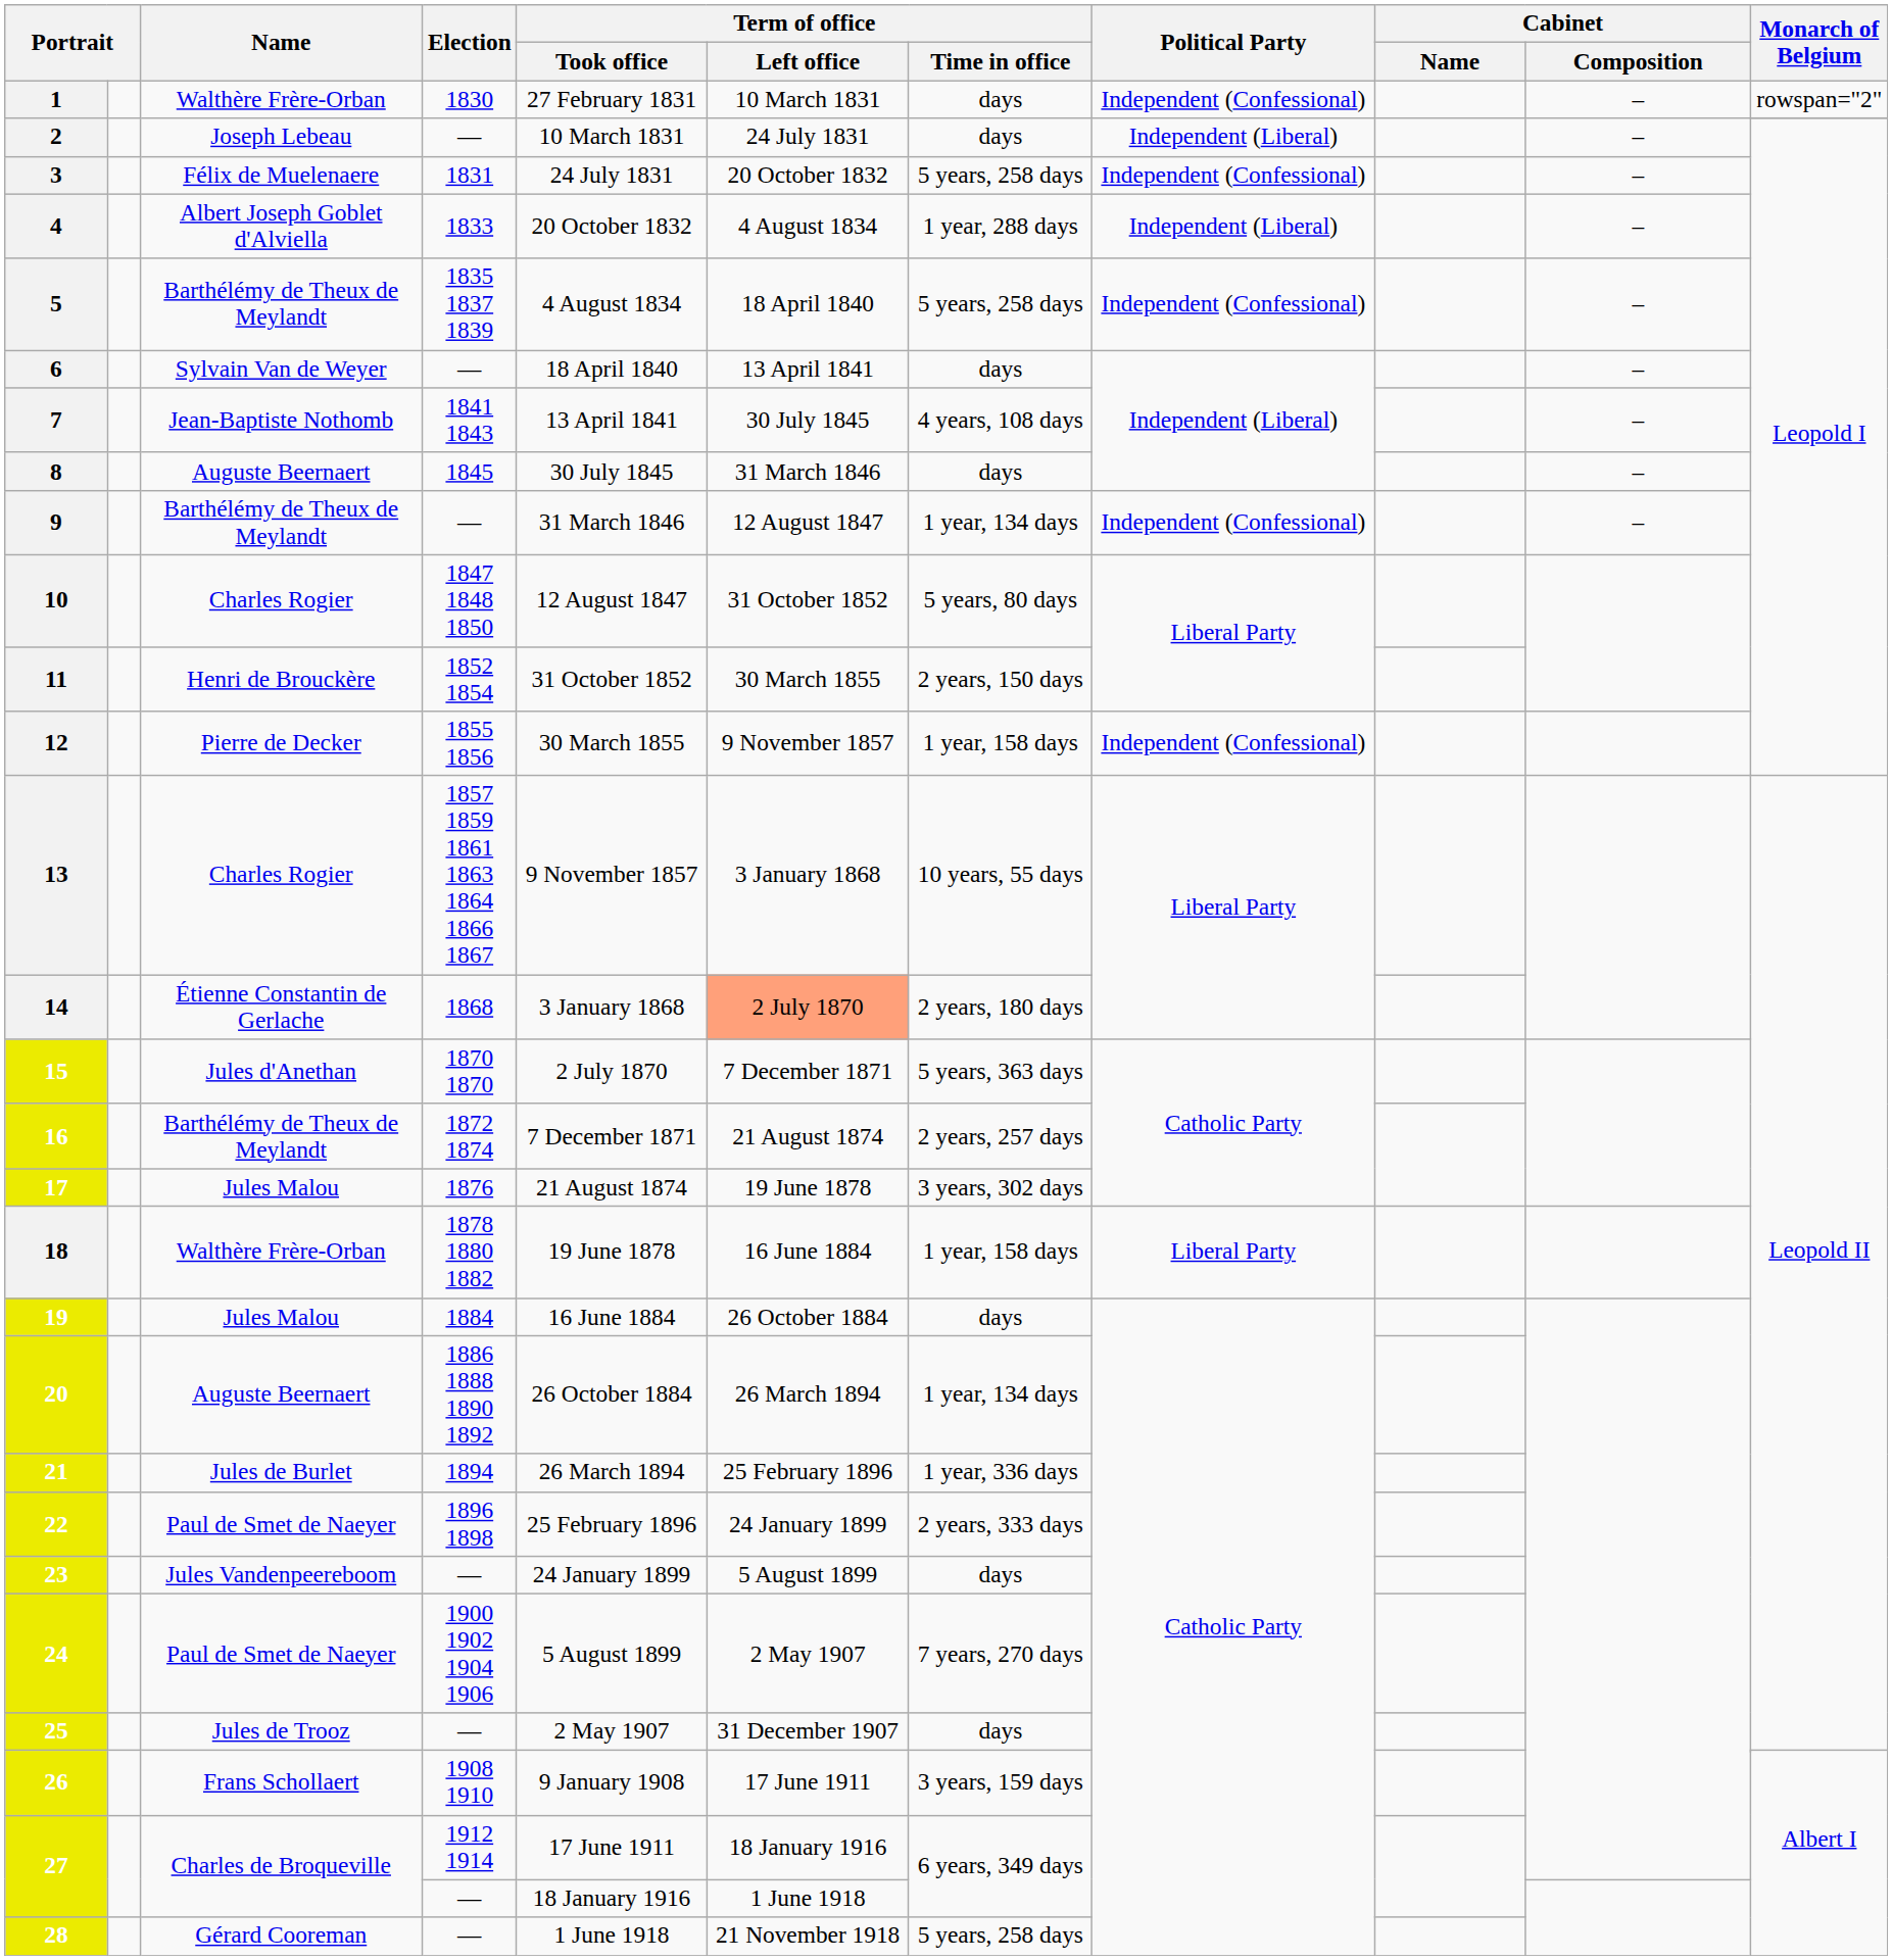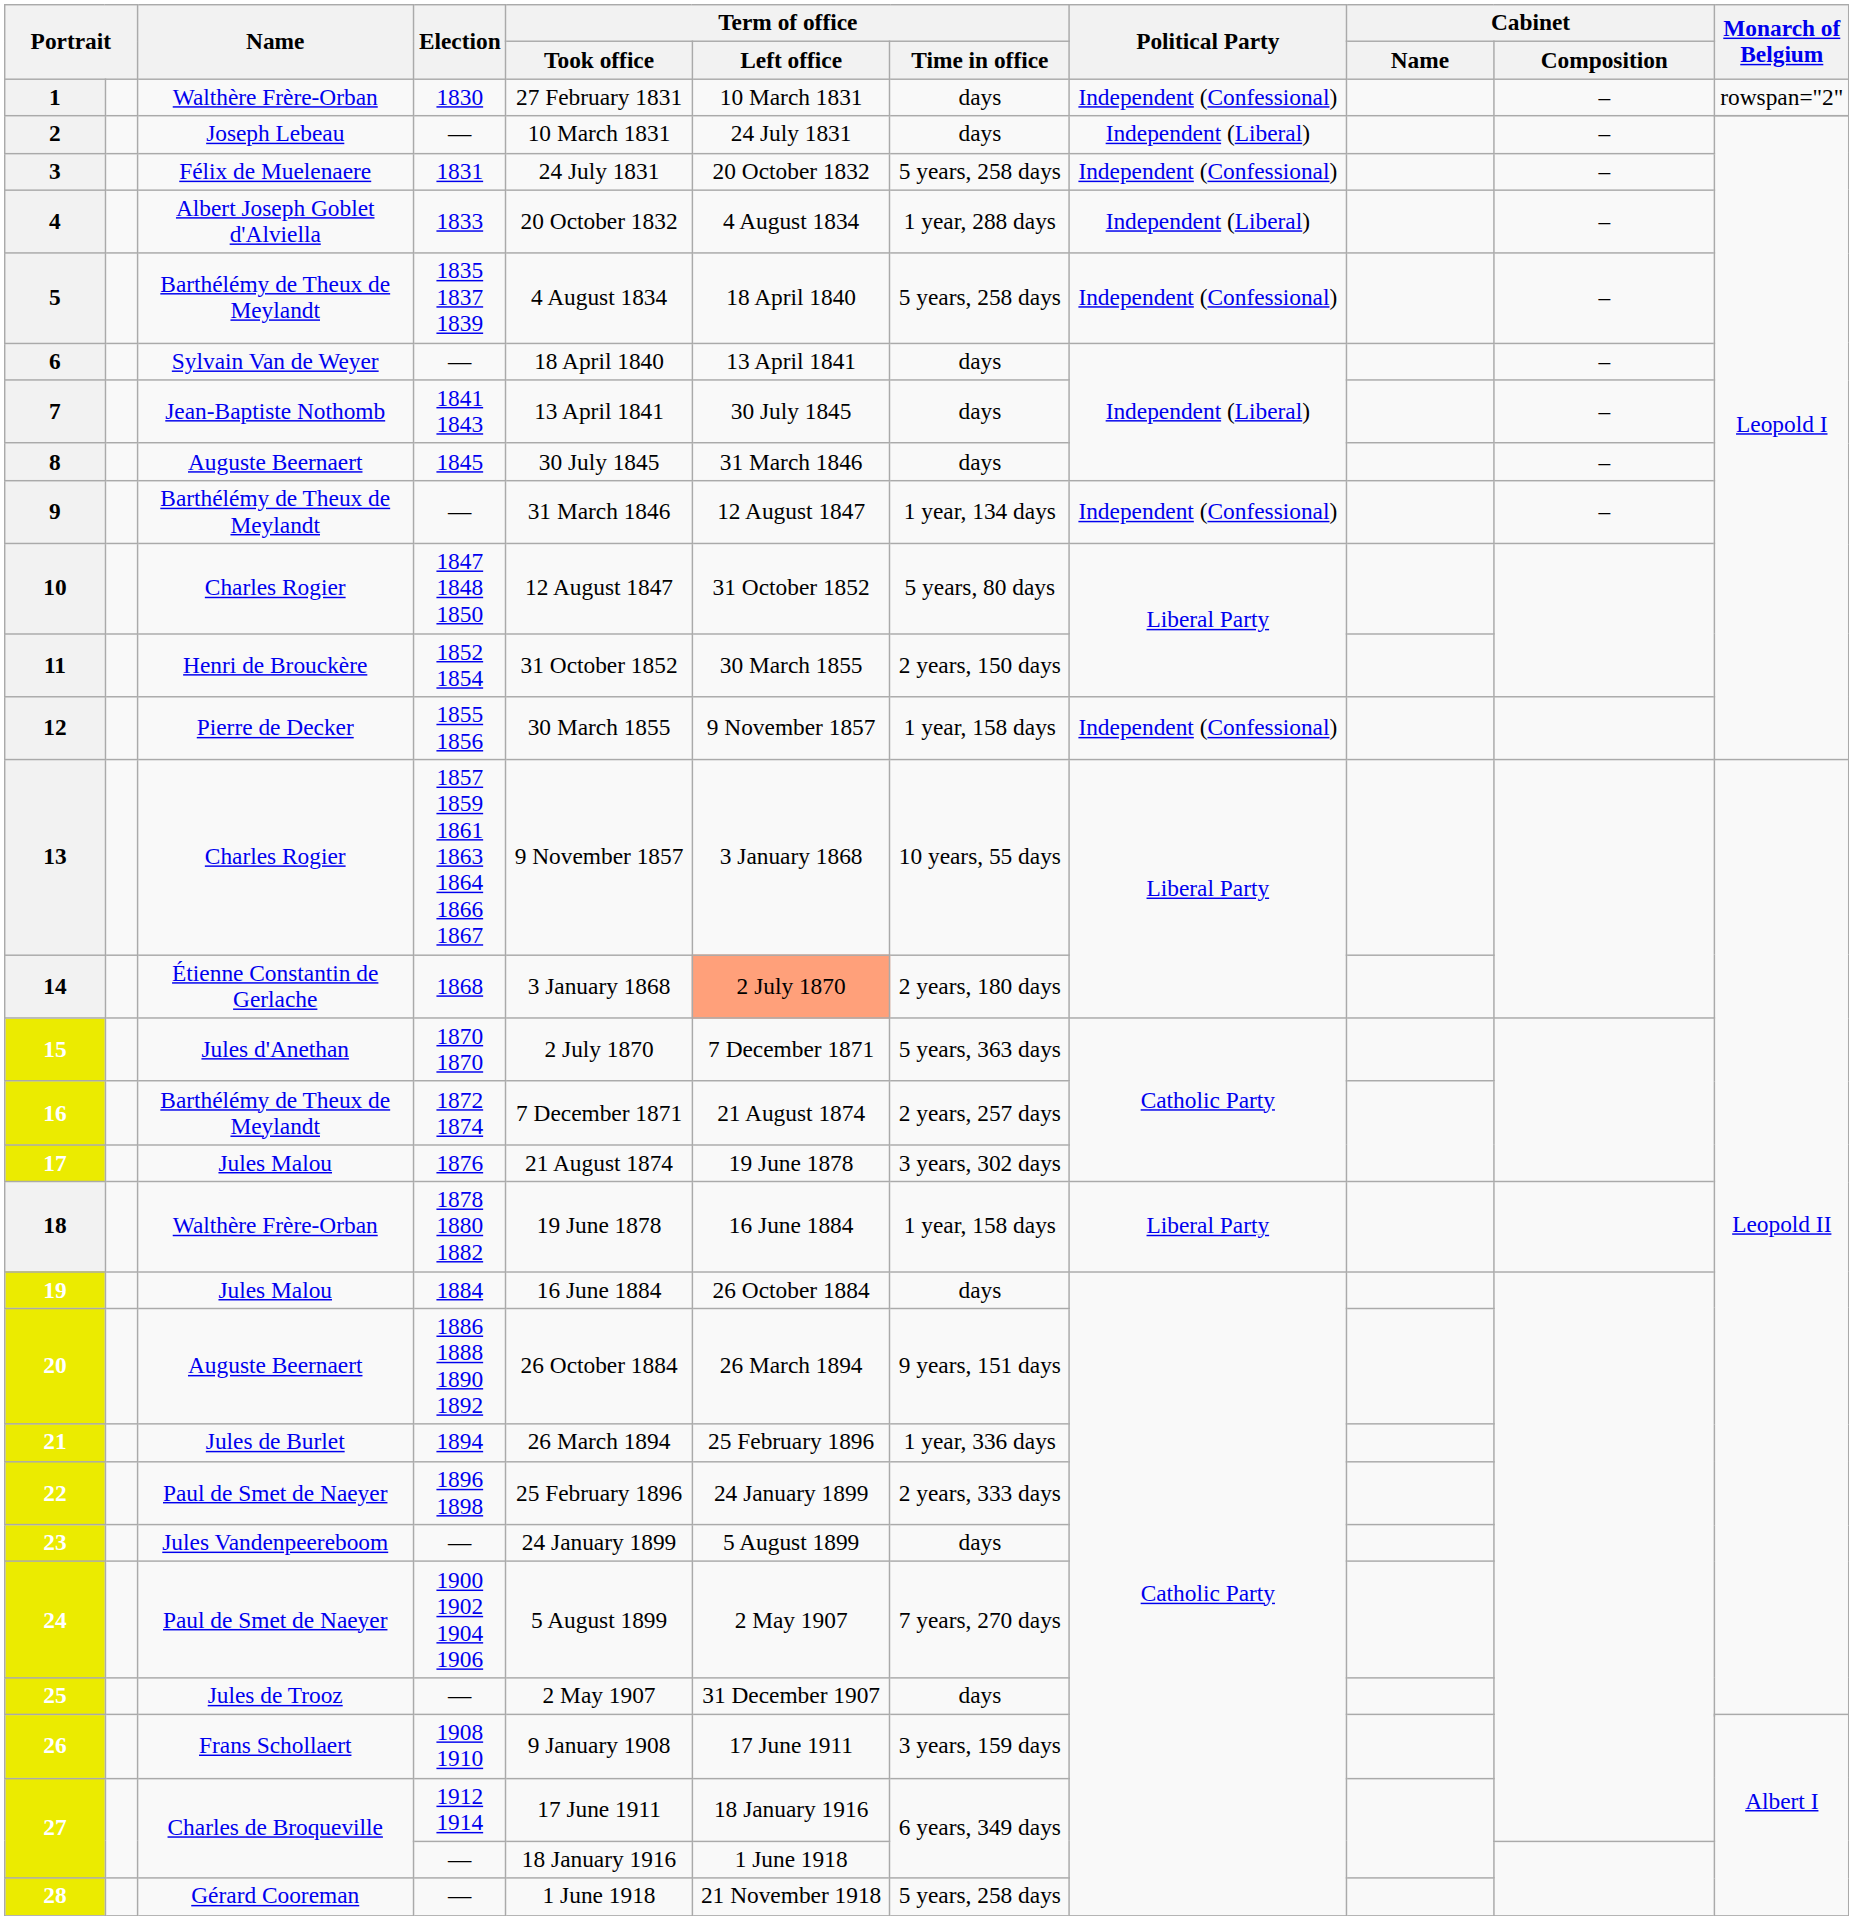 <table class="wikitable" style="text-align:center; width:100%; border:1px #AAAAFF solid;">
 <tr>
 <th rowspan="2" colspan="2" width=80px>Portrait</th>
 <th rowspan="2" width="15%">Name<br></th>
 <th rowspan="2" width="5%">Election</th>
 <th colspan="3">Term of office</th>
 <th rowspan="2" width="15%">Political Party</th>
 <th colspan="2">Cabinet</th>
 <th rowspan="2" width="7%"><a href='#'>Monarch of Belgium</a><br></th>
 </tr>
 <tr>
 <th>Took office</th>
 <th>Left office</th>
 <th>Time in office</th>
 <th width="8%">Name</th>
 <th width="12%">Composition</th>
 </tr>
 <tr>
 <th style="background:">1</th>
 <td></td>
 <td><a href='#'>Walthère Frère-Orban</a><br></td>
 <td><a href='#'>1830</a></td>
 <td>27 February 1831</td>
 <td>10 March 1831</td>
 <td> days</td>
 <td><a href='#'>Independent</a> (<a href='#'>Confessional</a>)</td>
 <td></td>
 <td>–</td>
 <td>rowspan="2" </td>
 </tr>
 <tr>
 <th rowspan="2" style="background:">2</th>
 <td rowspan="2"></td>
 <td rowspan="2"><a href='#'>Joseph Lebeau</a><br></td>
 <td rowspan="2">—</td>
 <td rowspan="2">10 March 1831</td>
 <td rowspan="2">24 July 1831</td>
 <td rowspan="2"> days</td>
 <td rowspan="2"><a href='#'>Independent</a> (<a href='#'>Liberal</a>)</td>
 <td rowspan="2"></td>
 <td rowspan="2">–</td>
 </tr>
 <tr>
 <td rowspan="12"><a href='#'>Leopold I</a><br><br></td>
 </tr>
 <tr>
 <th style="background:">3</th>
 <td></td>
 <td><a href='#'>Félix de Muelenaere</a><br></td>
 <td><a href='#'>1831</a></td>
 <td>24 July 1831</td>
 <td>20 October 1832</td>
 <td>5 years, 258 days</td>
 <td><a href='#'>Independent</a> (<a href='#'>Confessional</a>)</td>
 <td></td>
 <td>–</td>
 </tr>
 <tr>
 <th style="background:">4</th>
 <td></td>
 <td><a href='#'>Albert Joseph Goblet d'Alviella</a><br></td>
 <td><a href='#'>1833</a></td>
 <td>20 October 1832</td>
 <td>4 August 1834</td>
 <td>1 year, 288 days</td>
 <td><a href='#'>Independent</a> (<a href='#'>Liberal</a>)</td>
 <td></td>
 <td>–</td>
 </tr>
 <tr>
 <th style="background:">5</th>
 <td></td>
 <td><a href='#'>Barthélémy de Theux de Meylandt</a><br></td>
 <td><a href='#'>1835</a><br><a href='#'>1837</a><br><a href='#'>1839</a></td>
 <td>4 August 1834</td>
 <td>18 April 1840</td>
 <td>5 years, 258 days</td>
 <td><a href='#'>Independent</a> (<a href='#'>Confessional</a>)</td>
 <td></td>
 <td>–</td>
 </tr>
 <tr>
 <th style="background:">6</th>
 <td></td>
 <td><a href='#'>Sylvain Van de Weyer</a><br></td>
 <td>—</td>
 <td>18 April 1840</td>
 <td>13 April 1841</td>
 <td> days</td>
 <td rowspan="3"><a href='#'>Independent</a> (<a href='#'>Liberal</a>)</td>
 <td></td>
 <td>–</td>
 </tr>
 <tr>
 <th style="background:">7</th>
 <td></td>
 <td><a href='#'>Jean-Baptiste Nothomb</a><br></td>
 <td><a href='#'>1841</a><br><a href='#'>1843</a></td>
 <td>13 April 1841</td>
 <td>30 July 1845</td>
-<td>4 years, 108 days</td>
+<td> days</td>
 <td></td>
 <td>–</td>
 </tr>
 <tr>
 <th style="background:">8</th>
 <td></td>
 <td><a href='#'>Auguste Beernaert</a><br></td>
 <td><a href='#'>1845</a></td>
 <td>30 July 1845</td>
 <td>31 March 1846</td>
 <td> days</td>
 <td></td>
 <td>–</td>
 </tr>
 <tr>
 <th style="background:">9</th>
 <td></td>
 <td><a href='#'>Barthélémy de Theux de Meylandt</a><br></td>
 <td>—</td>
 <td>31 March 1846</td>
 <td>12 August 1847</td>
 <td>1 year, 134 days</td>
 <td><a href='#'>Independent</a> (<a href='#'>Confessional</a>)</td>
 <td></td>
 <td>–</td>
 </tr>
 <tr>
 <th style="background:">10</th>
 <td></td>
 <td><a href='#'>Charles Rogier</a><br></td>
 <td><a href='#'>1847</a><br><a href='#'>1848</a><br><a href='#'>1850</a></td>
 <td>12 August 1847</td>
 <td>31 October 1852</td>
 <td>5 years, 80 days</td>
 <td rowspan="2"><a href='#'>Liberal Party</a></td>
 <td></td>
 <td rowspan="2"></td>
 </tr>
 <tr>
 <th style="background:">11</th>
 <td></td>
 <td><a href='#'>Henri de Brouckère</a><br></td>
 <td><a href='#'>1852</a><br><a href='#'>1854</a></td>
 <td>31 October 1852</td>
 <td>30 March 1855</td>
 <td>2 years, 150 days</td>
 <td></td>
 </tr>
 <tr>
 <th style="background:">12</th>
 <td></td>
 <td><a href='#'>Pierre de Decker</a><br></td>
 <td><a href='#'>1855</a><br><a href='#'>1856</a></td>
 <td>30 March 1855</td>
 <td>9 November 1857</td>
 <td>1 year, 158 days</td>
 <td><a href='#'>Independent</a> (<a href='#'>Confessional</a>)</td>
 <td></td>
 <td></td>
 </tr>
 <tr>
 <th rowspan="2" style="background:">13</th>
 <td rowspan="2"></td>
 <td rowspan="2"><a href='#'>Charles Rogier</a><br></td>
 <td rowspan="2"><a href='#'>1857</a><br><a href='#'>1859</a><br><a href='#'>1861</a><br><a href='#'>1863</a><br><a href='#'>1864</a><br><a href='#'>1866</a><br><a href='#'>1867</a></td>
 <td rowspan="2">9 November 1857</td>
 <td rowspan="2">3 January 1868</td>
 <td rowspan="2">10 years, 55 days</td>
 <td rowspan="3"><a href='#'>Liberal Party</a></td>
 <td rowspan="2"></td>
 <td rowspan="3"></td>
 </tr>
 <tr>
 <td rowspan="14"><a href='#'>Leopold II</a><br><br></td>
 </tr>
 <tr>
 <th style="background:">14</th>
 <td></td>
 <td><a href='#'>Étienne Constantin de Gerlache</a><br></td>
 <td><a href='#'>1868</a></td>
 <td>3 January 1868</td>
 <td style="background: lightsalmon;">2 July 1870</td>
 <td>2 years, 180 days</td>
 <td></td>
 </tr>
 <tr>
 <th style="background:#ebeb00; color:white;">15</th>
 <td></td>
 <td><a href='#'>Jules d'Anethan</a><br></td>
 <td><a href='#'>1870</a><br><a href='#'>1870</a></td>
 <td>2 July 1870</td>
 <td>7 December 1871</td>
 <td>5 years, 363 days</td>
 <td rowspan="3"><a href='#'>Catholic Party</a></td>
 <td></td>
 <td rowspan="3"></td>
 </tr>
 <tr>
 <th style="background:#ebeb00; color:white;">16</th>
 <td></td>
 <td><a href='#'>Barthélémy de Theux de Meylandt</a><br></td>
 <td><a href='#'>1872</a><br><a href='#'>1874</a></td>
 <td>7 December 1871</td>
 <td>21 August 1874<br></td>
 <td>2 years, 257 days</td>
 <td rowspan=2></td>
 </tr>
 <tr>
 <th style="background:#ebeb00; color:white;">17</th>
 <td></td>
 <td><a href='#'>Jules Malou</a><br></td>
 <td><a href='#'>1876</a></td>
 <td>21 August 1874</td>
 <td>19 June 1878</td>
 <td>3 years, 302 days</td>
 </tr>
 <tr>
 <th style="background:">18</th>
 <td></td>
 <td><a href='#'>Walthère Frère-Orban</a><br></td>
 <td><a href='#'>1878</a><br><a href='#'>1880</a><br><a href='#'>1882</a></td>
 <td>19 June 1878</td>
 <td>16 June 1884</td>
 <td>1 year, 158 days</td>
 <td><a href='#'>Liberal Party</a></td>
 <td></td>
 <td></td>
 </tr>
 <tr>
 <th style="background:#ebeb00; color:white;">19</th>
 <td></td>
 <td><a href='#'>Jules Malou</a><br></td>
 <td><a href='#'>1884</a></td>
 <td>16 June 1884</td>
 <td>26 October 1884</td>
 <td> days</td>
 <td rowspan="12"><a href='#'>Catholic Party</a></td>
 <td></td>
 <td rowspan="10"></td>
 </tr>
 <tr>
 <th style="background:#ebeb00; color:white;">20</th>
 <td></td>
 <td><a href='#'>Auguste Beernaert</a><br></td>
 <td><a href='#'>1886</a><br><a href='#'>1888</a><br><a href='#'>1890</a><br><a href='#'>1892</a></td>
 <td>26 October 1884</td>
 <td>26 March 1894</td>
-<td>1 year, 134 days</td>
+<td>9 years, 151 days</td>
 <td></td>
 </tr>
 <tr>
 <th style="background:#ebeb00; color:white;">21</th>
 <td></td>
 <td><a href='#'>Jules de Burlet</a><br></td>
 <td><a href='#'>1894</a></td>
 <td>26 March 1894</td>
 <td>25 February 1896</td>
 <td>1 year, 336 days</td>
 <td></td>
 </tr>
 <tr>
 <th style="background:#ebeb00; color:white;">22</th>
 <td></td>
 <td><a href='#'>Paul de Smet de Naeyer</a><br></td>
 <td><a href='#'>1896</a><br><a href='#'>1898</a></td>
 <td>25 February 1896</td>
 <td>24 January 1899</td>
 <td>2 years, 333 days</td>
 <td></td>
 </tr>
 <tr>
 <th style="background:#ebeb00; color:white;">23</th>
 <td></td>
 <td><a href='#'>Jules Vandenpeereboom</a><br></td>
 <td>—</td>
 <td>24 January 1899</td>
 <td>5 August 1899</td>
 <td> days</td>
 <td></td>
 </tr>
 <tr>
 <th style="background:#ebeb00; color:white;">24</th>
 <td></td>
 <td><a href='#'>Paul de Smet de Naeyer</a><br></td>
 <td><a href='#'>1900</a><br><a href='#'>1902</a><br><a href='#'>1904</a><br><a href='#'>1906</a></td>
 <td>5 August 1899</td>
 <td>2 May 1907</td>
 <td>7 years, 270 days</td>
 <td></td>
 </tr>
 <tr>
 <th style="background:#ebeb00; color:white;">25</th>
 <td></td>
 <td><a href='#'>Jules de Trooz</a><br></td>
 <td>—</td>
 <td>2 May 1907</td>
 <td>31 December 1907<br></td>
 <td> days</td>
 <td></td>
 </tr>
 <tr>
 <th rowspan="2" style="background:#ebeb00; color:white;">26</th>
 <td rowspan="2"></td>
 <td rowspan="2"><a href='#'>Frans Schollaert</a><br></td>
 <td rowspan="2"><a href='#'>1908</a><br><a href='#'>1910</a></td>
 <td rowspan="2">9 January 1908</td>
 <td rowspan="2">17 June 1911</td>
 <td rowspan="2">3 years, 159 days</td>
 <td rowspan="2"></td>
 </tr>
 <tr>
 <td rowspan="4"><a href='#'>Albert I</a><br><br></td>
 </tr>
 <tr>
 <th rowspan="2" style="background:#ebeb00; color:white;">27</th>
 <td rowspan="2"></td>
 <td rowspan="2"><a href='#'>Charles de Broqueville</a><br></td>
 <td><a href='#'>1912</a><br><a href='#'>1914</a></td>
 <td>17 June 1911</td>
 <td>18 January 1916</td>
 <td rowspan="2">6 years, 349 days</td>
 <td rowspan="2"></td>
 </tr>
 <tr>
 <td>—</td>
 <td>18 January 1916</td>
 <td>1 June 1918</td>
 <td rowspan="2"></td>
 </tr>
 <tr>
 <th style="background:#ebeb00; color:white;">28</th>
 <td></td>
 <td><a href='#'>Gérard Cooreman</a><br></td>
 <td>—</td>
 <td>1 June 1918</td>
 <td>21 November 1918</td>
 <td>5 years, 258 days</td>
 <td></td>
 </tr>
 </table>
